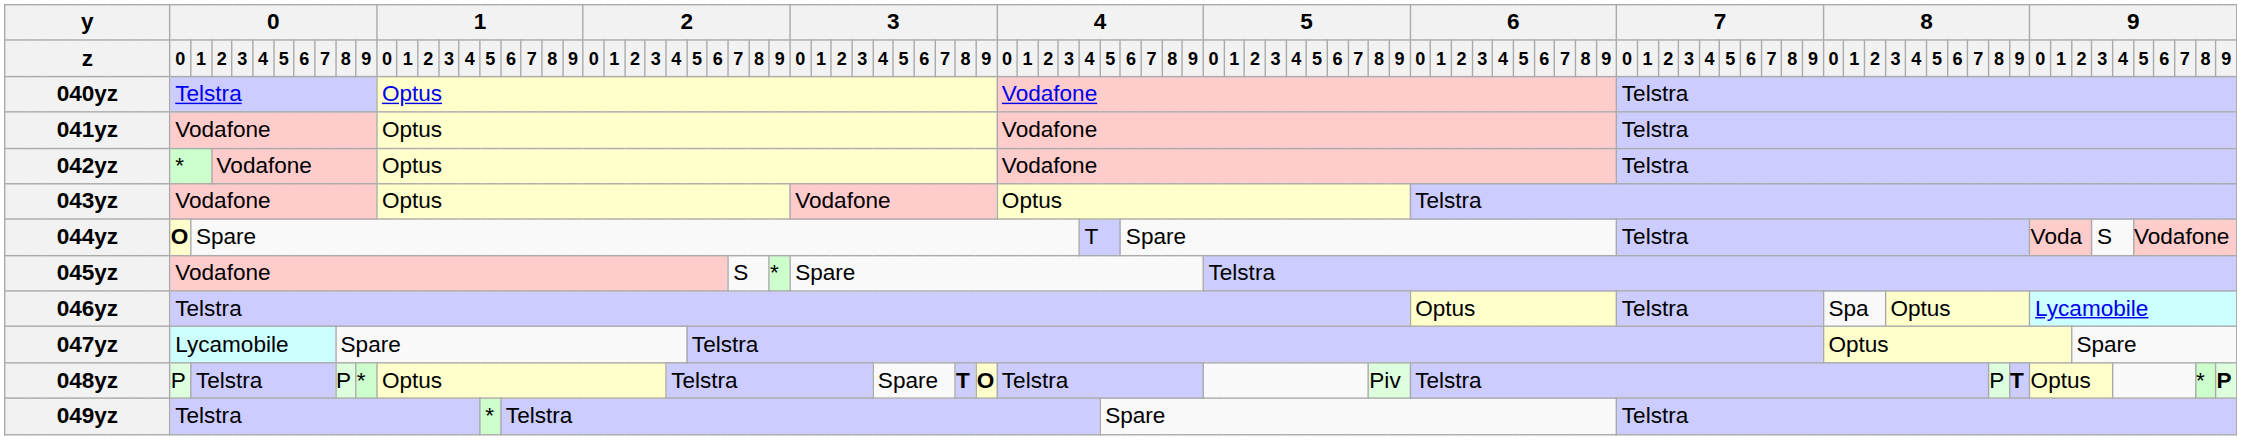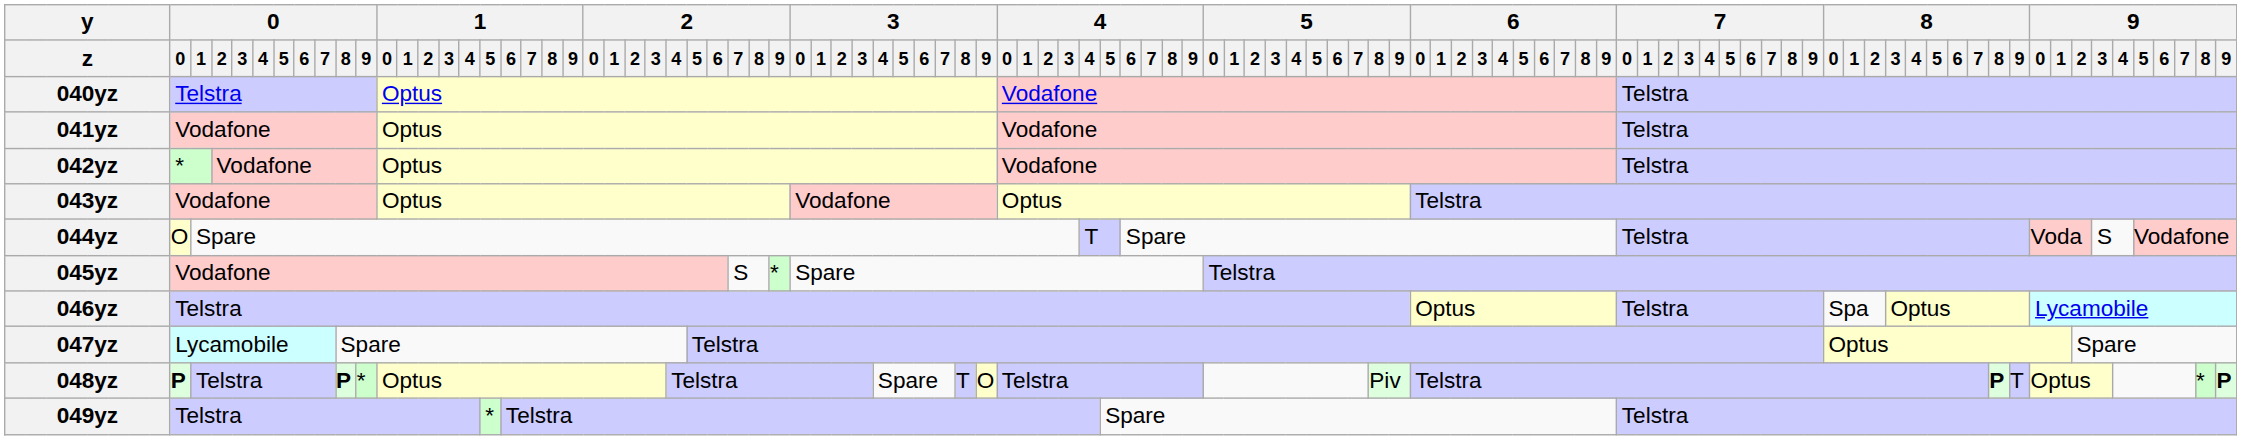 <table class="wikitable" style="table-layout:fixed; width:100%">
 <tr>
 <th colspan="8">y</th>
 <th colspan="10">0</th>
 <th colspan="10">1</th>
 <th colspan="10">2</th>
 <th colspan="10">3</th>
 <th colspan="10">4</th>
 <th colspan="10">5</th>
 <th colspan="10">6</th>
 <th colspan="10">7</th>
 <th colspan="10">8</th>
 <th colspan="10">9</th>
 </tr>
 <tr>
 <th colspan="8">z</th>
 <th style="font-size:80%;padding:0">0</th>
 <th style="font-size:80%;padding:0">1</th>
 <th style="font-size:80%;padding:0">2</th>
 <th style="font-size:80%;padding:0">3</th>
 <th style="font-size:80%;padding:0">4</th>
 <th style="font-size:80%;padding:0">5</th>
 <th style="font-size:80%;padding:0">6</th>
 <th style="font-size:80%;padding:0">7</th>
 <th style="font-size:80%;padding:0">8</th>
 <th style="font-size:80%;padding:0">9</th>
 <th style="font-size:80%;padding:0">0</th>
 <th style="font-size:80%;padding:0">1</th>
 <th style="font-size:80%;padding:0">2</th>
 <th style="font-size:80%;padding:0">3</th>
 <th style="font-size:80%;padding:0">4</th>
 <th style="font-size:80%;padding:0">5</th>
 <th style="font-size:80%;padding:0">6</th>
 <th style="font-size:80%;padding:0">7</th>
 <th style="font-size:80%;padding:0">8</th>
 <th style="font-size:80%;padding:0">9</th>
 <th style="font-size:80%;padding:0">0</th>
 <th style="font-size:80%;padding:0">1</th>
 <th style="font-size:80%;padding:0">2</th>
 <th style="font-size:80%;padding:0">3</th>
 <th style="font-size:80%;padding:0">4</th>
 <th style="font-size:80%;padding:0">5</th>
 <th style="font-size:80%;padding:0">6</th>
 <th style="font-size:80%;padding:0">7</th>
 <th style="font-size:80%;padding:0">8</th>
 <th style="font-size:80%;padding:0">9</th>
 <th style="font-size:80%;padding:0">0</th>
 <th style="font-size:80%;padding:0">1</th>
 <th style="font-size:80%;padding:0">2</th>
 <th style="font-size:80%;padding:0">3</th>
 <th style="font-size:80%;padding:0">4</th>
 <th style="font-size:80%;padding:0">5</th>
 <th style="font-size:80%;padding:0">6</th>
 <th style="font-size:80%;padding:0">7</th>
 <th style="font-size:80%;padding:0">8</th>
 <th style="font-size:80%;padding:0">9</th>
 <th style="font-size:80%;padding:0">0</th>
 <th style="font-size:80%;padding:0">1</th>
 <th style="font-size:80%;padding:0">2</th>
 <th style="font-size:80%;padding:0">3</th>
 <th style="font-size:80%;padding:0">4</th>
 <th style="font-size:80%;padding:0">5</th>
 <th style="font-size:80%;padding:0">6</th>
 <th style="font-size:80%;padding:0">7</th>
 <th style="font-size:80%;padding:0">8</th>
 <th style="font-size:80%;padding:0">9</th>
 <th style="font-size:80%;padding:0">0</th>
 <th style="font-size:80%;padding:0">1</th>
 <th style="font-size:80%;padding:0">2</th>
 <th style="font-size:80%;padding:0">3</th>
 <th style="font-size:80%;padding:0">4</th>
 <th style="font-size:80%;padding:0">5</th>
 <th style="font-size:80%;padding:0">6</th>
 <th style="font-size:80%;padding:0">7</th>
 <th style="font-size:80%;padding:0">8</th>
 <th style="font-size:80%;padding:0">9</th>
 <th style="font-size:80%;padding:0">0</th>
 <th style="font-size:80%;padding:0">1</th>
 <th style="font-size:80%;padding:0">2</th>
 <th style="font-size:80%;padding:0">3</th>
 <th style="font-size:80%;padding:0">4</th>
 <th style="font-size:80%;padding:0">5</th>
 <th style="font-size:80%;padding:0">6</th>
 <th style="font-size:80%;padding:0">7</th>
 <th style="font-size:80%;padding:0">8</th>
 <th style="font-size:80%;padding:0">9</th>
 <th style="font-size:80%;padding:0">0</th>
 <th style="font-size:80%;padding:0">1</th>
 <th style="font-size:80%;padding:0">2</th>
 <th style="font-size:80%;padding:0">3</th>
 <th style="font-size:80%;padding:0">4</th>
 <th style="font-size:80%;padding:0">5</th>
 <th style="font-size:80%;padding:0">6</th>
 <th style="font-size:80%;padding:0">7</th>
 <th style="font-size:80%;padding:0">8</th>
 <th style="font-size:80%;padding:0">9</th>
 <th style="font-size:80%;padding:0">0</th>
 <th style="font-size:80%;padding:0">1</th>
 <th style="font-size:80%;padding:0">2</th>
 <th style="font-size:80%;padding:0">3</th>
 <th style="font-size:80%;padding:0">4</th>
 <th style="font-size:80%;padding:0">5</th>
 <th style="font-size:80%;padding:0">6</th>
 <th style="font-size:80%;padding:0">7</th>
 <th style="font-size:80%;padding:0">8</th>
 <th style="font-size:80%;padding:0">9</th>
 <th style="font-size:80%;padding:0">0</th>
 <th style="font-size:80%;padding:0">1</th>
 <th style="font-size:80%;padding:0">2</th>
 <th style="font-size:80%;padding:0">3</th>
 <th style="font-size:80%;padding:0">4</th>
 <th style="font-size:80%;padding:0">5</th>
 <th style="font-size:80%;padding:0">6</th>
 <th style="font-size:80%;padding:0">7</th>
 <th style="font-size:80%;padding:0">8</th>
 <th style="font-size:80%;padding:0">9</th>
 </tr>
 <tr>
 <th colspan="8">040yz</th>
 <td colspan="10" style="background:#ccf;"><a href='#'>Telstra</a></td>
 <td colspan="30" style="background:#ffc;"><a href='#'>Optus</a></td>
 <td colspan="30" style="background:#fcc;"><a href='#'>Vodafone</a></td>
 <td colspan="30" style="background:#ccf;">Telstra</td>
 </tr>
 <tr>
 <th colspan="8">041yz</th>
 <td colspan="10" style="background:#fcc;">Vodafone</td>
 <td colspan="30" style="background:#ffc;">Optus</td>
 <td colspan="30" style="background:#fcc;">Vodafone</td>
 <td colspan="30" style="background:#ccf;">Telstra</td>
 </tr>
 <tr>
 <th colspan="8">042yz</th>
 <td colspan="2" style="background:#cfc;">*</td>
 <td colspan="8" style="background:#fcc;">Vodafone</td>
 <td colspan="30" style="background:#ffc;">Optus</td>
 <td colspan="30" style="background:#fcc;">Vodafone</td>
 <td colspan="30" style="background:#ccf;">Telstra</td>
 </tr>
 <tr>
 <th colspan="8">043yz</th>
 <td colspan="10" style="background:#fcc;">Vodafone</td>
 <td colspan="20" style="background:#ffc;">Optus</td>
 <td colspan="10" style="background:#fcc;">Vodafone</td>
 <td colspan="20" style="background:#ffc;">Optus</td>
 <td colspan="40" style="background:#ccf;">Telstra</td>
 </tr>
 <tr>
 <th colspan="8">044yz</th>
-<td style="background:#ffc; padding:0;"><strong>O</strong></td>
+<td style="background:#ffc; padding:0;">O</td>
 <td colspan="43">Spare</td>
 <td colspan="2" style="background:#ccf;">T</td>
 <td colspan="24">Spare</td>
 <td colspan="20" style="background:#ccf;">Telstra</td>
 <td colspan="3" style="background:#fcc; padding:0;">Voda</td>
 <td colspan="2">S</td>
 <td colspan="5" style="background:#fcc; padding:0;">Vodafone</td>
 </tr>
 <tr>
 <th colspan="8">045yz</th>
 <td colspan="27" style="background:#fcc;">Vodafone</td>
 <td colspan="2">S</td>
 <td style="background:#cfc; padding:0;">*</td>
 <td colspan="20">Spare</td>
 <td colspan="50" style="background:#ccf;">Telstra</td>
 </tr>
 <tr>
 <th colspan="8">046yz</th>
 <td colspan="60" style="background:#ccf;">Telstra</td>
 <td colspan="10" style="background:#ffc;">Optus</td>
 <td colspan="10" style="background:#ccf;">Telstra</td>
 <td colspan="3">Spa</td>
 <td colspan="7" style="background:#ffc;">Optus</td>
 <td colspan="10" style="background:#cff;"><a href='#'>Lycamobile</a></td>
 </tr>
 <tr>
 <th colspan="8">047yz</th>
 <td colspan="8" style="background:#cff;">Lycamobile</td>
 <td colspan="17">Spare</td>
 <td colspan="55" style="background:#ccf;">Telstra</td>
 <td colspan="12" style="background:#ffc;">Optus</td>
 <td colspan="8">Spare</td>
 </tr>
 <tr>
 <th colspan="8">048yz</th>
-<td style="background:#dfd; padding:0;">P</td>
+<td style="background:#dfd; padding:0;"><strong>P</strong></td>
 <td colspan="7" style="background:#ccf;">Telstra</td>
-<td style="background:#dfd; padding:0;">P</td>
+<td style="background:#dfd; padding:0;"><strong>P</strong></td>
 <td style="background:#cfc; padding:0;">*</td>
 <td colspan="14" style="background:#ffc;">Optus</td>
 <td colspan="10" style="background:#ccf;">Telstra</td>
 <td colspan="4">Spare</td>
-<td style="background:#ccf; padding:0;"><strong>T</strong></td>
-<td style="background:#ffc; padding:0;"><strong>O</strong></td>
+<td style="background:#ccf; padding:0;">T</td>
+<td style="background:#ffc; padding:0;">O</td>
 <td colspan="10" style="background:#ccf;">Telstra</td>
 <td colspan="8"></td>
 <td colspan="2" style="background:#dfd; padding:0;">Piv</td>
 <td colspan="28" style="background:#ccf;">Telstra</td>
-<td style="background:#dfd; padding:0;">P</td>
-<td style="background:#ccf; padding:0;"><strong>T</strong></td>
+<td style="background:#dfd; padding:0;"><strong>P</strong></td>
+<td style="background:#ccf; padding:0;">T</td>
 <td colspan="4" style="background:#ffc; padding:0;">Optus</td>
 <td colspan="4"></td>
 <td style="background:#cfc; padding:0;">*</td>
 <td style="background:#dfd; padding:0;"><strong>P</strong></td>
 </tr>
 <tr>
 <th colspan="8">049yz</th>
 <td colspan="15" style="background:#ccf;">Telstra</td>
 <td style="background:#cfc;">*</td>
 <td colspan="29" style="background:#ccf;">Telstra</td>
 <td colspan="25">Spare</td>
 <td colspan="30" style="background:#ccf;">Telstra<br></td>
 </tr>
 </table>
